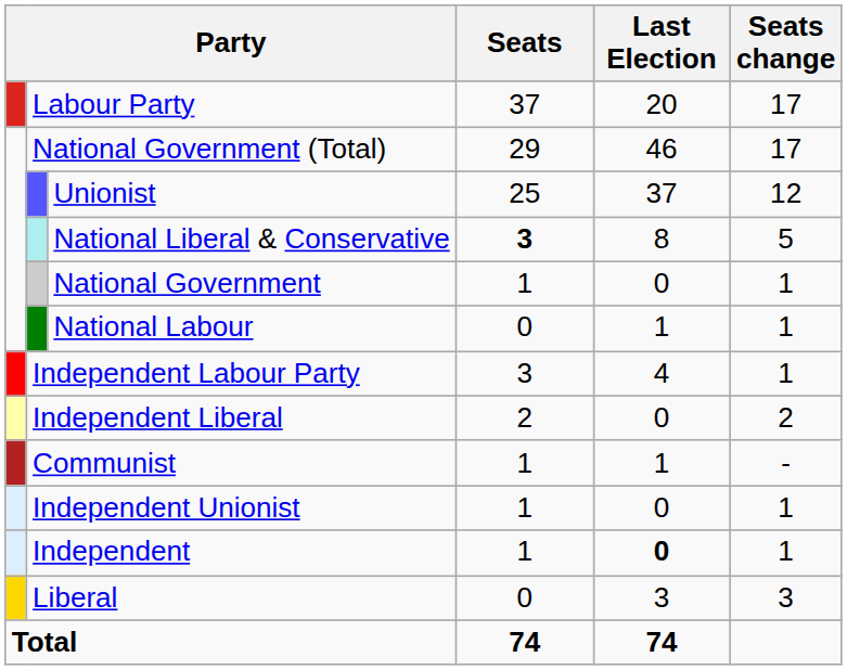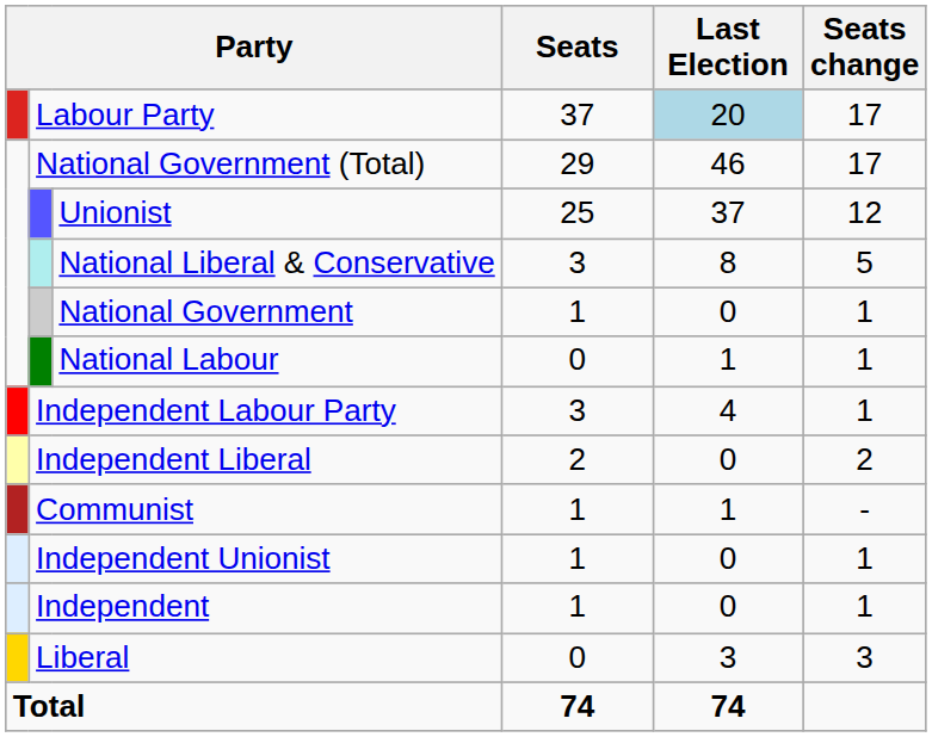 <table class="wikitable sortable">
 <tr>
 <th style="width:200px" colspan=3>Party</th>
 <th style="width:70px;">Seats</th>
 <th style="width:70px;">Last Election</th>
 <th style="width:40px;">Seats change</th>
 </tr>
 <tr>
 <td style="background-color:#DC241f"> </td>
 <td colspan=2><a href='#'>Labour Party</a></td>
 <td align=center>37</td>
-<td align=center>20</td>
+<td align=center style="background: lightblue;">20</td>
 <td align=center> 17</td>
 </tr>
 <tr>
 <td rowspan= 5> </td>
 <td colspan=2><a href='#'>National Government</a> (Total)</td>
 <td align=center>29</td>
 <td align=center>46</td>
 <td align=center>17</td>
 </tr>
 <tr>
 <td style="background-color:#5555FF"> </td>
 <td><a href='#'>Unionist</a></td>
 <td align="center">25</td>
 <td align=center>37</td>
 <td align="center"> 12</td>
 </tr>
 <tr>
 <td style="background-color:#AFEEEE"> </td>
 <td><a href='#'>National Liberal</a> & <a href='#'>Conservative</a></td>
-<td align="center"><strong>3</strong></td>
+<td align="center">3</td>
 <td align=center>8</td>
 <td align="center"> 5</td>
 </tr>
 <tr>
 <td style="background-color:#cccccc"> </td>
 <td><a href='#'>National Government</a></td>
 <td align="center">1</td>
 <td align=center>0</td>
 <td align="center"> 1</td>
 </tr>
 <tr>
 <td style="background-color:#008000"> </td>
 <td><a href='#'>National Labour</a></td>
 <td align="center">0</td>
 <td align=center>1</td>
 <td align="center"> 1</td>
 </tr>
 <tr>
 <td style="background-color:#FF0000"> </td>
 <td colspan=2><a href='#'>Independent Labour Party</a></td>
 <td align="center">3</td>
 <td align=center>4</td>
 <td align="center"> 1</td>
 </tr>
 <tr>
 <td style="background-color:#FFFFAA"> </td>
 <td colspan=2><a href='#'>Independent Liberal</a></td>
 <td align="center">2</td>
 <td align=center>0</td>
 <td align="center"> 2</td>
 </tr>
 <tr>
 <td style="background-color:#B22222"> </td>
 <td colspan=2><a href='#'>Communist</a></td>
 <td align=center>1</td>
 <td align=center>1</td>
 <td align=center>-</td>
 </tr>
 <tr>
 <td style="background-color:#DDEEFF"> </td>
 <td colspan=2><a href='#'>Independent Unionist</a></td>
 <td align="center">1</td>
 <td align=center>0</td>
 <td align="center"> 1</td>
 </tr>
 <tr>
 <td style="background-color:#DDEEFF"> </td>
 <td colspan=2><a href='#'>Independent</a></td>
 <td align="center">1</td>
-<td align=center><strong>0</strong></td>
+<td align=center>0</td>
 <td align="center"> 1</td>
 </tr>
 <tr>
 <td style="background-color:#FFD700"> </td>
 <td colspan=2><a href='#'>Liberal</a></td>
 <td align=center>0</td>
 <td align=center>3</td>
 <td align=center> 3</td>
 </tr>
 <tr>
 <td colspan=3><strong>Total</strong></td>
 <td align=center><strong>74</strong></td>
 <td align=center><strong>74</strong></td>
 <td align=center></td>
 </tr>
 </table>
